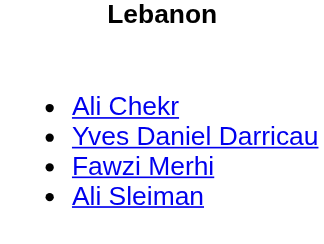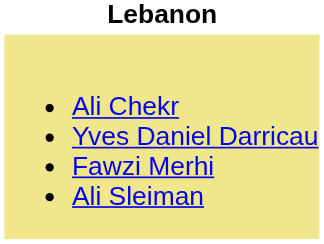 <table>
 <tr>
 <th>Lebanon</th>
 </tr>
 <tr>
-<td><br><ul><li><a href='#'>Ali Chekr</a></li><li><a href='#'>Yves Daniel Darricau</a></li><li><a href='#'>Fawzi Merhi</a></li><li><a href='#'>Ali Sleiman</a></li></ul></td>
+<td style="background: khaki;"><br><ul><li><a href='#'>Ali Chekr</a></li><li><a href='#'>Yves Daniel Darricau</a></li><li><a href='#'>Fawzi Merhi</a></li><li><a href='#'>Ali Sleiman</a></li></ul></td>
 </tr>
 </table>
